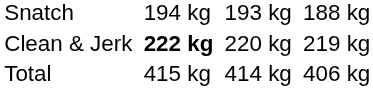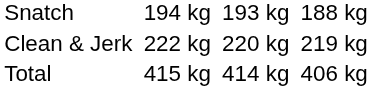 <table>
 <tr>
 <td>Snatch</td>
 <td></td>
 <td>194 kg</td>
 <td></td>
 <td>193 kg</td>
 <td></td>
 <td>188 kg</td>
 </tr>
 <tr>
 <td>Clean & Jerk</td>
 <td></td>
-<td><strong>222 kg</strong></td>
+<td>222 kg</td>
 <td></td>
 <td>220 kg</td>
 <td></td>
 <td>219 kg</td>
 </tr>
 <tr>
 <td>Total</td>
 <td></td>
 <td>415 kg</td>
 <td></td>
 <td>414 kg</td>
 <td></td>
 <td>406 kg</td>
 </tr>
 </table>
